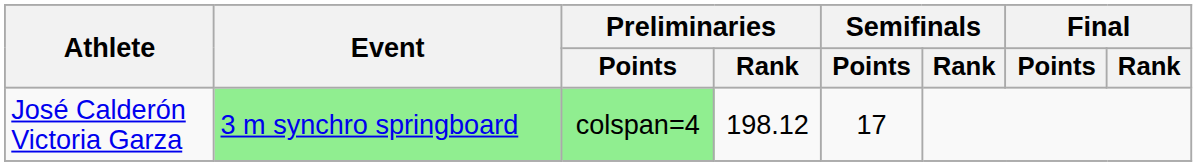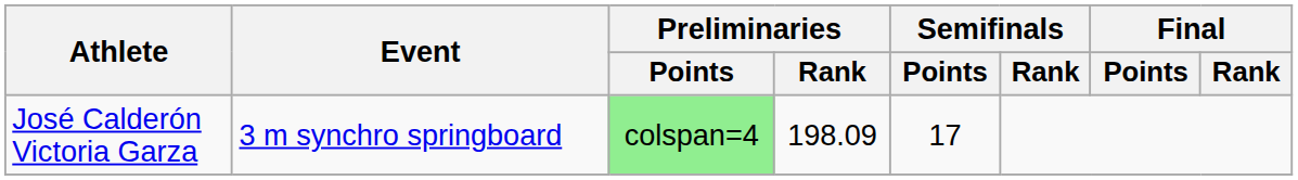 <table class="wikitable" style="text-align:center; font-size:90%; width:50%;">
 <tr>
 <th rowspan=2>Athlete</th>
 <th rowspan=2>Event</th>
 <th colspan=2>Preliminaries</th>
 <th colspan=2>Semifinals</th>
 <th colspan=2>Final</th>
 </tr>
 <tr style="font-size:95%">
 <th>Points</th>
 <th>Rank</th>
 <th>Points</th>
 <th>Rank</th>
 <th>Points</th>
 <th>Rank</th>
 </tr>
 <tr>
 <td align=left><a href='#'>José Calderón</a><br><a href='#'>Victoria Garza</a></td>
-<td align=left style="background: lightgreen;"><a href='#'>3 m synchro springboard</a></td>
+<td align=left><a href='#'>3 m synchro springboard</a></td>
 <td style="background: lightgreen;">colspan=4 </td>
-<td>198.12</td>
+<td>198.09</td>
 <td>17</td>
 </tr>
 </table>
